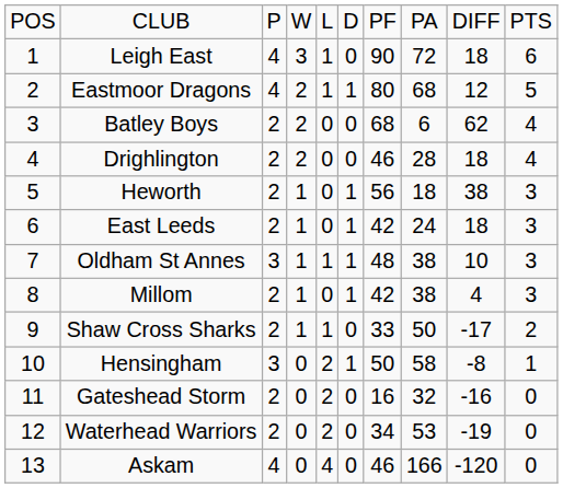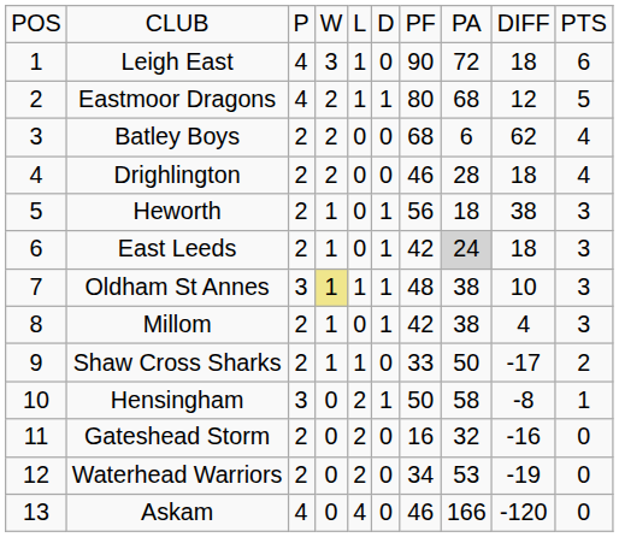 <table class="wikitable" style="text-align: center;">
 <tr>
 <td>POS</td>
 <td>CLUB</td>
 <td>P</td>
 <td>W</td>
 <td>L</td>
 <td>D</td>
 <td>PF</td>
 <td>PA</td>
 <td>DIFF</td>
 <td>PTS</td>
 </tr>
 <tr>
 <td>1</td>
 <td>Leigh East</td>
 <td>4</td>
 <td>3</td>
 <td>1</td>
 <td>0</td>
 <td>90</td>
 <td>72</td>
 <td>18</td>
 <td>6</td>
 </tr>
 <tr>
 <td>2</td>
 <td>Eastmoor Dragons</td>
 <td>4</td>
 <td>2</td>
 <td>1</td>
 <td>1</td>
 <td>80</td>
 <td>68</td>
 <td>12</td>
 <td>5</td>
 </tr>
 <tr>
 <td>3</td>
 <td>Batley Boys</td>
 <td>2</td>
 <td>2</td>
 <td>0</td>
 <td>0</td>
 <td>68</td>
 <td>6</td>
 <td>62</td>
 <td>4</td>
 </tr>
 <tr>
 <td>4</td>
 <td>Drighlington</td>
 <td>2</td>
 <td>2</td>
 <td>0</td>
 <td>0</td>
 <td>46</td>
 <td>28</td>
 <td>18</td>
 <td>4</td>
 </tr>
 <tr>
 <td>5</td>
 <td>Heworth</td>
 <td>2</td>
 <td>1</td>
 <td>0</td>
 <td>1</td>
 <td>56</td>
 <td>18</td>
 <td>38</td>
 <td>3</td>
 </tr>
 <tr>
 <td>6</td>
 <td>East Leeds</td>
 <td>2</td>
 <td>1</td>
 <td>0</td>
 <td>1</td>
 <td>42</td>
-<td>24</td>
+<td style="background: lightgrey;">24</td>
 <td>18</td>
 <td>3</td>
 </tr>
 <tr>
 <td>7</td>
 <td>Oldham St Annes</td>
 <td>3</td>
-<td>1</td>
+<td style="background: khaki;">1</td>
 <td>1</td>
 <td>1</td>
 <td>48</td>
 <td>38</td>
 <td>10</td>
 <td>3</td>
 </tr>
 <tr>
 <td>8</td>
 <td>Millom</td>
 <td>2</td>
 <td>1</td>
 <td>0</td>
 <td>1</td>
 <td>42</td>
 <td>38</td>
 <td>4</td>
 <td>3</td>
 </tr>
 <tr>
 <td>9</td>
 <td>Shaw Cross Sharks</td>
 <td>2</td>
 <td>1</td>
 <td>1</td>
 <td>0</td>
 <td>33</td>
 <td>50</td>
 <td>-17</td>
 <td>2</td>
 </tr>
 <tr>
 <td>10</td>
 <td>Hensingham</td>
 <td>3</td>
 <td>0</td>
 <td>2</td>
 <td>1</td>
 <td>50</td>
 <td>58</td>
 <td>-8</td>
 <td>1</td>
 </tr>
 <tr>
 <td>11</td>
 <td>Gateshead Storm</td>
 <td>2</td>
 <td>0</td>
 <td>2</td>
 <td>0</td>
 <td>16</td>
 <td>32</td>
 <td>-16</td>
 <td>0</td>
 </tr>
 <tr>
 <td>12</td>
 <td>Waterhead Warriors</td>
 <td>2</td>
 <td>0</td>
 <td>2</td>
 <td>0</td>
 <td>34</td>
 <td>53</td>
 <td>-19</td>
 <td>0</td>
 </tr>
 <tr>
 <td>13</td>
 <td>Askam</td>
 <td>4</td>
 <td>0</td>
 <td>4</td>
 <td>0</td>
 <td>46</td>
 <td>166</td>
 <td>-120</td>
 <td>0</td>
 </tr>
 </table>
